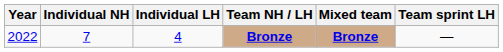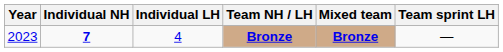 <table class="wikitable" "text-align:center;">
 <tr>
 <th>Year</th>
 <th>Individual NH</th>
 <th>Individual LH</th>
 <th>Team NH / LH</th>
 <th>Mixed team</th>
 <th>Team sprint LH</th>
 </tr>
 <tr align=center>
-<td><a href='#'>2022</a></td>
-<td><a href='#'>7</a></td>
+<td><a href='#'>2023</a></td>
+<td><strong><a href='#'>7</a></strong></td>
 <td><a href='#'>4</a></td>
 <td style="background:#cfaa88;"><a href='#'><strong>Bronze</strong></a></td>
 <td style="background:#cfaa88;"><a href='#'><strong>Bronze</strong></a></td>
 <td>—</td>
 </tr>
 </table>
